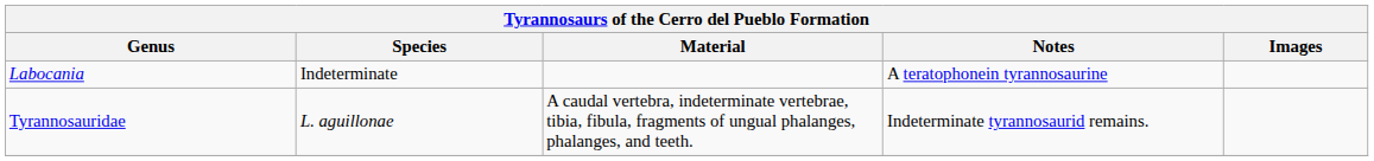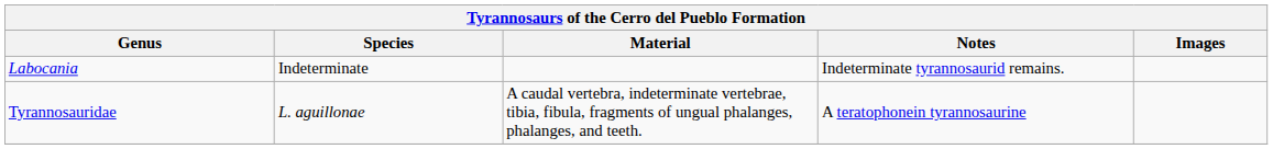 <table class="wikitable" align="center">
 <tr>
 <th colspan="5" align="center"><strong><a href='#'>Tyrannosaurs</a> of the Cerro del Pueblo Formation</strong></th>
 </tr>
 <tr>
 <th>Genus</th>
 <th>Species</th>
 <th width="25%">Material</th>
 <th width="25%">Notes</th>
 <th>Images</th>
 </tr>
 <tr>
 <td><em><a href='#'>Labocania</a></em></td>
 <td>Indeterminate</td>
 <td></td>
-<td>A <a href='#'>teratophonein tyrannosaurine</a></td>
+<td>Indeterminate <a href='#'>tyrannosaurid</a> remains.</td>
 <td></td>
 </tr>
 <tr>
 <td><a href='#'>Tyrannosauridae</a></td>
 <td><em>L. aguillonae</em></td>
 <td>A caudal vertebra, indeterminate vertebrae, tibia, fibula, fragments of ungual phalanges, phalanges, and teeth.</td>
-<td>Indeterminate <a href='#'>tyrannosaurid</a> remains.</td>
+<td>A <a href='#'>teratophonein tyrannosaurine</a></td>
 <td></td>
 </tr>
 <tr>
 </tr>
 </table>
